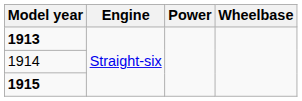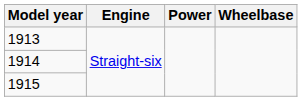 <table class="wikitable">
 <tr>
 <th>Model year</th>
 <th>Engine</th>
 <th>Power</th>
 <th>Wheelbase</th>
 </tr>
 <tr>
-<td><strong>1913</strong></td>
+<td>1913</td>
 <td rowspan="3"><a href='#'>Straight-six</a></td>
 <td rowspan="3"></td>
 <td rowspan="3"></td>
 </tr>
 <tr>
 <td>1914</td>
 </tr>
 <tr>
-<td><strong>1915</strong></td>
+<td>1915</td>
 </tr>
 </table>
